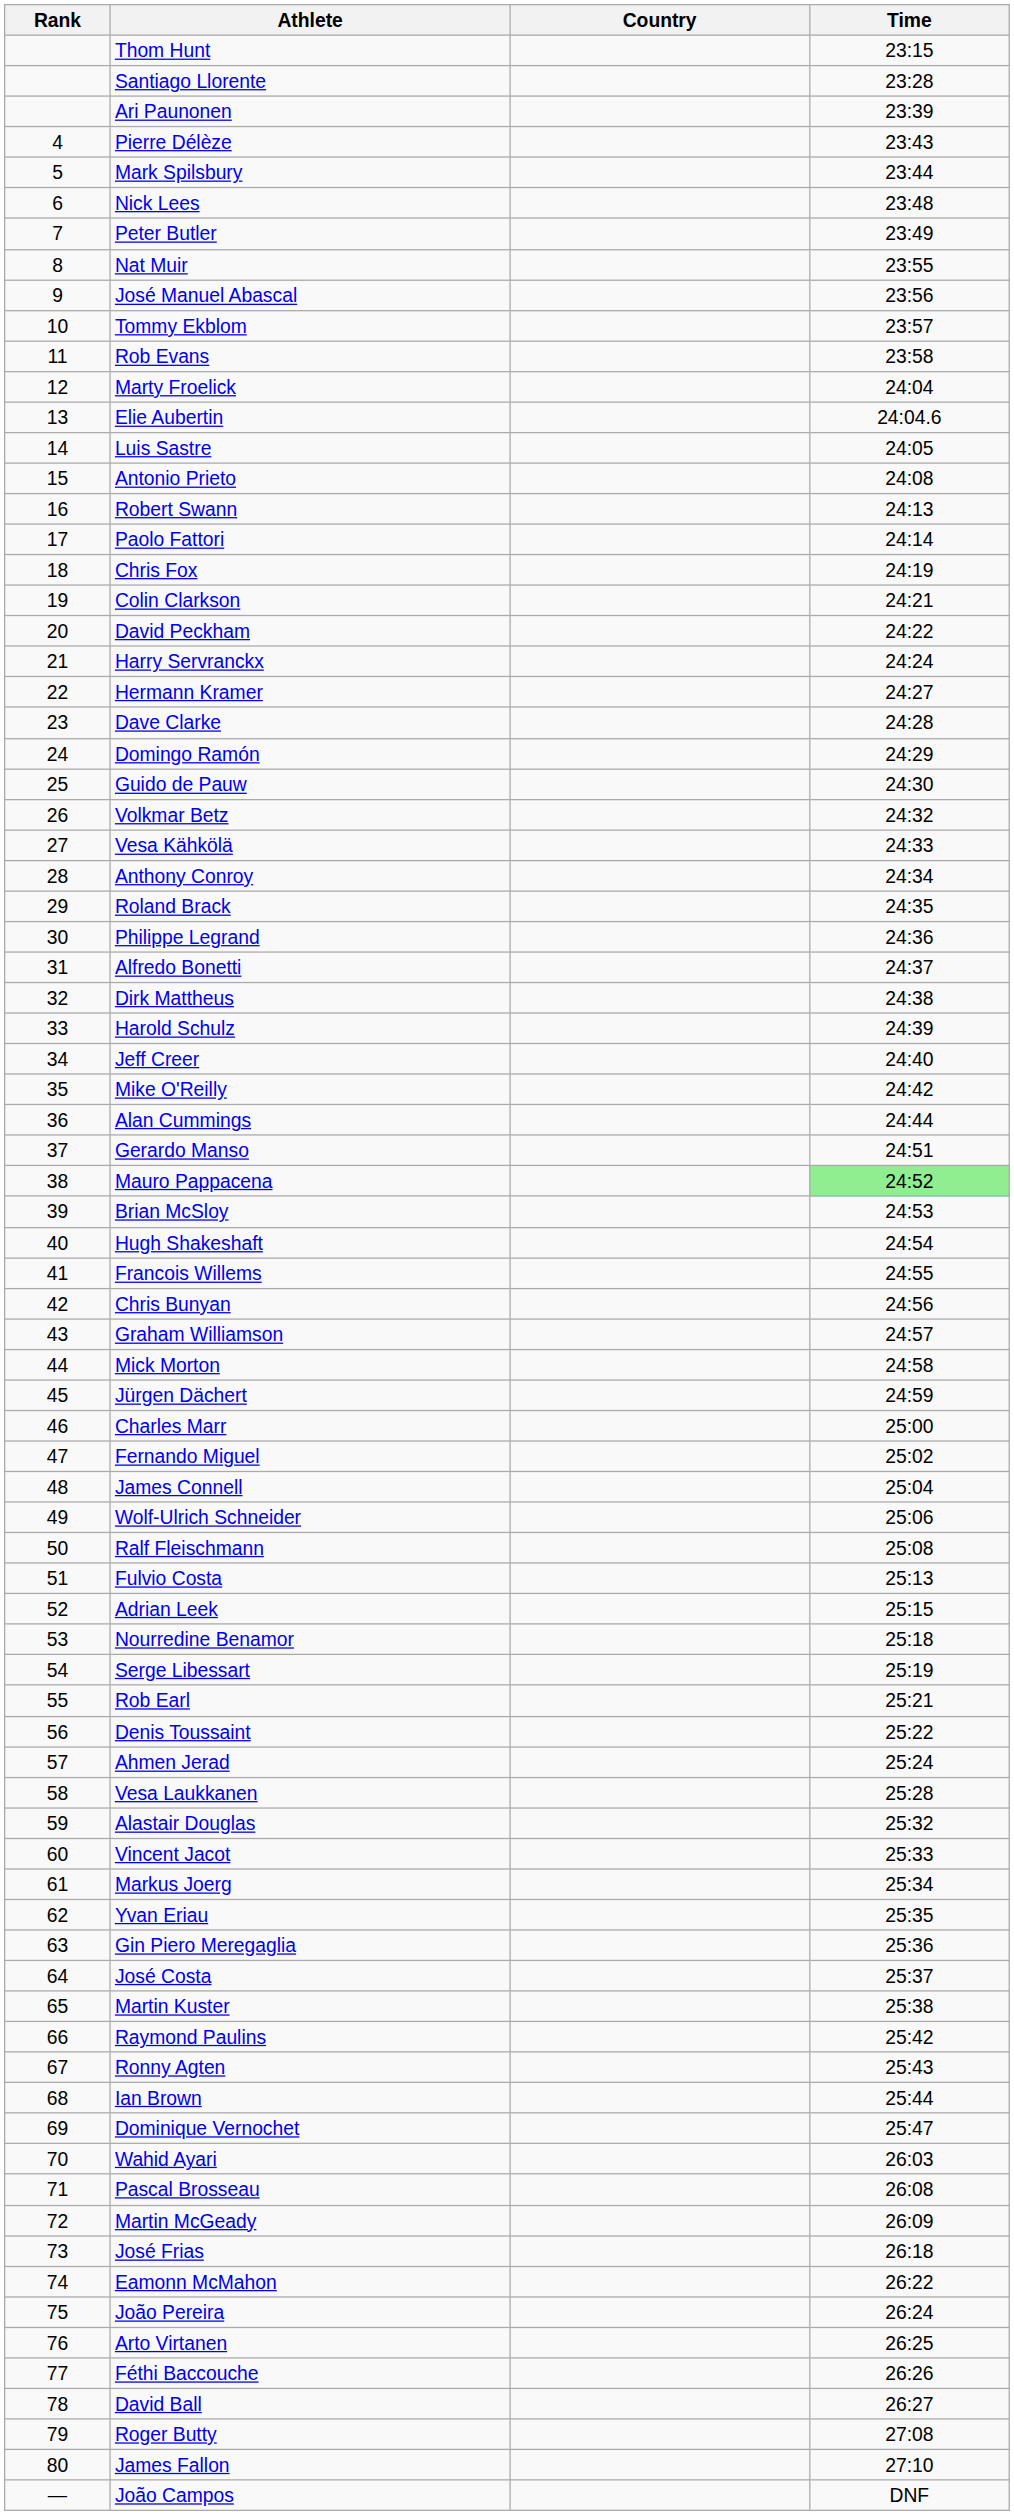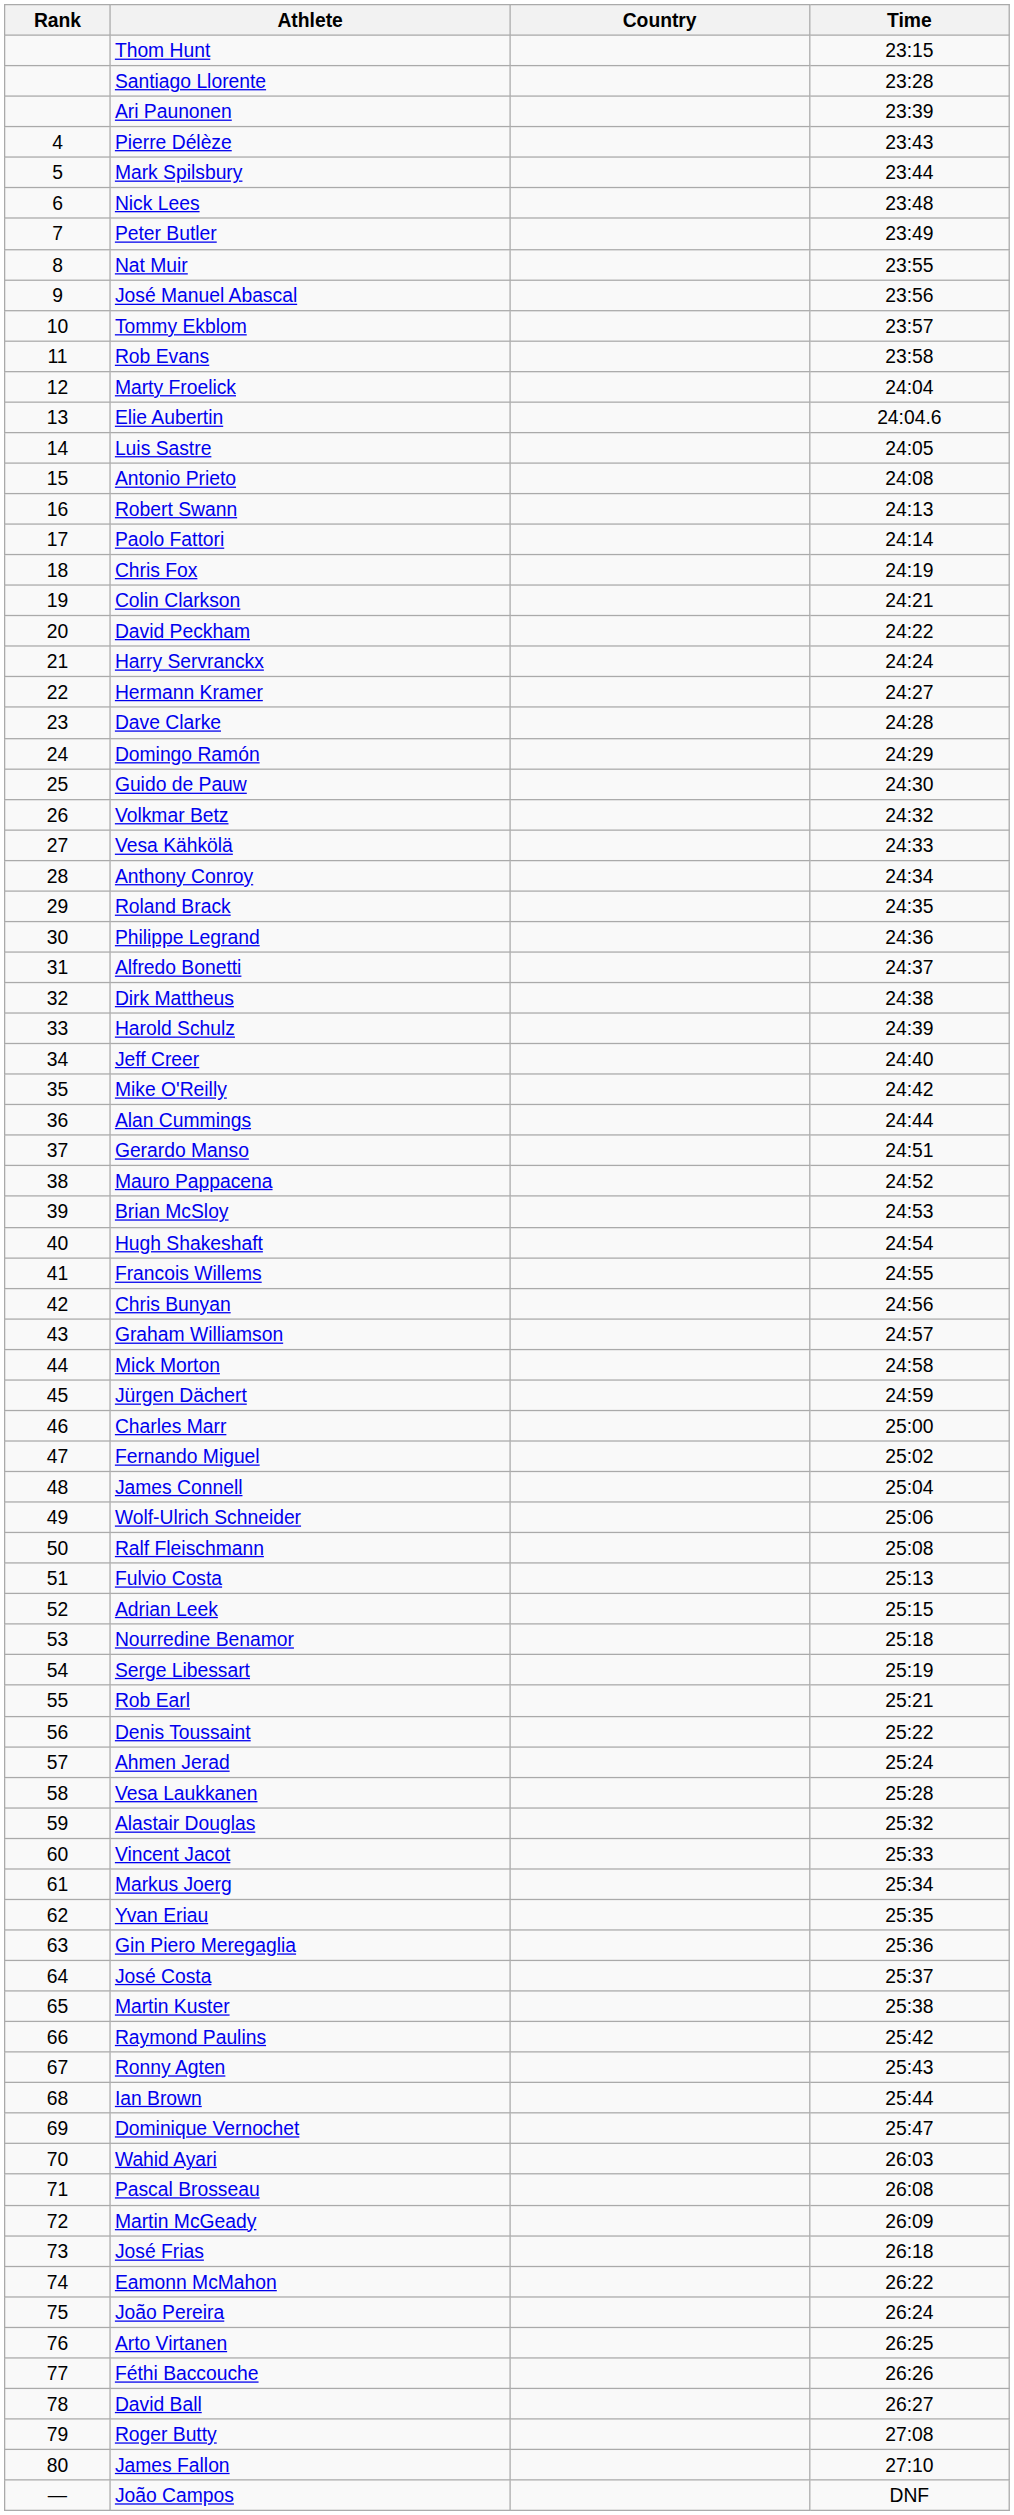 <table class="wikitable sortable" style=" text-align:center; font-size:95%;" width="50%">
 <tr>
 <th width=5%>Rank</th>
 <th width=20%>Athlete</th>
 <th width=15%>Country</th>
 <th width=10%>Time</th>
 </tr>
 <tr>
 <td align=center></td>
 <td align=left><a href='#'>Thom Hunt</a></td>
 <td align=left></td>
 <td>23:15</td>
 </tr>
 <tr>
 <td align=center></td>
 <td align=left><a href='#'>Santiago Llorente</a></td>
 <td align=left></td>
 <td>23:28</td>
 </tr>
 <tr>
 <td align=center></td>
 <td align=left><a href='#'>Ari Paunonen</a></td>
 <td align=left></td>
 <td>23:39</td>
 </tr>
 <tr>
 <td align=center>4</td>
 <td align=left><a href='#'>Pierre Délèze</a></td>
 <td align=left></td>
 <td>23:43</td>
 </tr>
 <tr>
 <td align=center>5</td>
 <td align=left><a href='#'>Mark Spilsbury</a></td>
 <td align=left></td>
 <td>23:44</td>
 </tr>
 <tr>
 <td align=center>6</td>
 <td align=left><a href='#'>Nick Lees</a></td>
 <td align=left></td>
 <td>23:48</td>
 </tr>
 <tr>
 <td align=center>7</td>
 <td align=left><a href='#'>Peter Butler</a></td>
 <td align=left></td>
 <td>23:49</td>
 </tr>
 <tr>
 <td align=center>8</td>
 <td align=left><a href='#'>Nat Muir</a></td>
 <td align=left></td>
 <td>23:55</td>
 </tr>
 <tr>
 <td align=center>9</td>
 <td align=left><a href='#'>José Manuel Abascal</a></td>
 <td align=left></td>
 <td>23:56</td>
 </tr>
 <tr>
 <td align=center>10</td>
 <td align=left><a href='#'>Tommy Ekblom</a></td>
 <td align=left></td>
 <td>23:57</td>
 </tr>
 <tr>
 <td align=center>11</td>
 <td align=left><a href='#'>Rob Evans</a></td>
 <td align=left></td>
 <td>23:58</td>
 </tr>
 <tr>
 <td align=center>12</td>
 <td align=left><a href='#'>Marty Froelick</a></td>
 <td align=left></td>
 <td>24:04</td>
 </tr>
 <tr>
 <td align=center>13</td>
 <td align=left><a href='#'>Elie Aubertin</a></td>
 <td align=left></td>
 <td>24:04.6</td>
 </tr>
 <tr>
 <td align=center>14</td>
 <td align=left><a href='#'>Luis Sastre</a></td>
 <td align=left></td>
 <td>24:05</td>
 </tr>
 <tr>
 <td align=center>15</td>
 <td align=left><a href='#'>Antonio Prieto</a></td>
 <td align=left></td>
 <td>24:08</td>
 </tr>
 <tr>
 <td align=center>16</td>
 <td align=left><a href='#'>Robert Swann</a></td>
 <td align=left></td>
 <td>24:13</td>
 </tr>
 <tr>
 <td align=center>17</td>
 <td align=left><a href='#'>Paolo Fattori</a></td>
 <td align=left></td>
 <td>24:14</td>
 </tr>
 <tr>
 <td align=center>18</td>
 <td align=left><a href='#'>Chris Fox</a></td>
 <td align=left></td>
 <td>24:19</td>
 </tr>
 <tr>
 <td align=center>19</td>
 <td align=left><a href='#'>Colin Clarkson</a></td>
 <td align=left></td>
 <td>24:21</td>
 </tr>
 <tr>
 <td align=center>20</td>
 <td align=left><a href='#'>David Peckham</a></td>
 <td align=left></td>
 <td>24:22</td>
 </tr>
 <tr>
 <td align=center>21</td>
 <td align=left><a href='#'>Harry Servranckx</a></td>
 <td align=left></td>
 <td>24:24</td>
 </tr>
 <tr>
 <td align=center>22</td>
 <td align=left><a href='#'>Hermann Kramer</a></td>
 <td align=left></td>
 <td>24:27</td>
 </tr>
 <tr>
 <td align=center>23</td>
 <td align=left><a href='#'>Dave Clarke</a></td>
 <td align=left></td>
 <td>24:28</td>
 </tr>
 <tr>
 <td align=center>24</td>
 <td align=left><a href='#'>Domingo Ramón</a></td>
 <td align=left></td>
 <td>24:29</td>
 </tr>
 <tr>
 <td align=center>25</td>
 <td align=left><a href='#'>Guido de Pauw</a></td>
 <td align=left></td>
 <td>24:30</td>
 </tr>
 <tr>
 <td align=center>26</td>
 <td align=left><a href='#'>Volkmar Betz</a></td>
 <td align=left></td>
 <td>24:32</td>
 </tr>
 <tr>
 <td align=center>27</td>
 <td align=left><a href='#'>Vesa Kähkölä</a></td>
 <td align=left></td>
 <td>24:33</td>
 </tr>
 <tr>
 <td align=center>28</td>
 <td align=left><a href='#'>Anthony Conroy</a></td>
 <td align=left></td>
 <td>24:34</td>
 </tr>
 <tr>
 <td align=center>29</td>
 <td align=left><a href='#'>Roland Brack</a></td>
 <td align=left></td>
 <td>24:35</td>
 </tr>
 <tr>
 <td align=center>30</td>
 <td align=left><a href='#'>Philippe Legrand</a></td>
 <td align=left></td>
 <td>24:36</td>
 </tr>
 <tr>
 <td align=center>31</td>
 <td align=left><a href='#'>Alfredo Bonetti</a></td>
 <td align=left></td>
 <td>24:37</td>
 </tr>
 <tr>
 <td align=center>32</td>
 <td align=left><a href='#'>Dirk Mattheus</a></td>
 <td align=left></td>
 <td>24:38</td>
 </tr>
 <tr>
 <td align=center>33</td>
 <td align=left><a href='#'>Harold Schulz</a></td>
 <td align=left></td>
 <td>24:39</td>
 </tr>
 <tr>
 <td align=center>34</td>
 <td align=left><a href='#'>Jeff Creer</a></td>
 <td align=left></td>
 <td>24:40</td>
 </tr>
 <tr>
 <td align=center>35</td>
 <td align=left><a href='#'>Mike O'Reilly</a></td>
 <td align=left></td>
 <td>24:42</td>
 </tr>
 <tr>
 <td align=center>36</td>
 <td align=left><a href='#'>Alan Cummings</a></td>
 <td align=left></td>
 <td>24:44</td>
 </tr>
 <tr>
 <td align=center>37</td>
 <td align=left><a href='#'>Gerardo Manso</a></td>
 <td align=left></td>
 <td>24:51</td>
 </tr>
 <tr>
 <td align=center>38</td>
 <td align=left><a href='#'>Mauro Pappacena</a></td>
 <td align=left></td>
-<td style="background: lightgreen;">24:52</td>
+<td>24:52</td>
 </tr>
 <tr>
 <td align=center>39</td>
 <td align=left><a href='#'>Brian McSloy</a></td>
 <td align=left></td>
 <td>24:53</td>
 </tr>
 <tr>
 <td align=center>40</td>
 <td align=left><a href='#'>Hugh Shakeshaft</a></td>
 <td align=left></td>
 <td>24:54</td>
 </tr>
 <tr>
 <td align=center>41</td>
 <td align=left><a href='#'>Francois Willems</a></td>
 <td align=left></td>
 <td>24:55</td>
 </tr>
 <tr>
 <td align=center>42</td>
 <td align=left><a href='#'>Chris Bunyan</a></td>
 <td align=left></td>
 <td>24:56</td>
 </tr>
 <tr>
 <td align=center>43</td>
 <td align=left><a href='#'>Graham Williamson</a></td>
 <td align=left></td>
 <td>24:57</td>
 </tr>
 <tr>
 <td align=center>44</td>
 <td align=left><a href='#'>Mick Morton</a></td>
 <td align=left></td>
 <td>24:58</td>
 </tr>
 <tr>
 <td align=center>45</td>
 <td align=left><a href='#'>Jürgen Dächert</a></td>
 <td align=left></td>
 <td>24:59</td>
 </tr>
 <tr>
 <td align=center>46</td>
 <td align=left><a href='#'>Charles Marr</a></td>
 <td align=left></td>
 <td>25:00</td>
 </tr>
 <tr>
 <td align=center>47</td>
 <td align=left><a href='#'>Fernando Miguel</a></td>
 <td align=left></td>
 <td>25:02</td>
 </tr>
 <tr>
 <td align=center>48</td>
 <td align=left><a href='#'>James Connell</a></td>
 <td align=left></td>
 <td>25:04</td>
 </tr>
 <tr>
 <td align=center>49</td>
 <td align=left><a href='#'>Wolf-Ulrich Schneider</a></td>
 <td align=left></td>
 <td>25:06</td>
 </tr>
 <tr>
 <td align=center>50</td>
 <td align=left><a href='#'>Ralf Fleischmann</a></td>
 <td align=left></td>
 <td>25:08</td>
 </tr>
 <tr>
 <td align=center>51</td>
 <td align=left><a href='#'>Fulvio Costa</a></td>
 <td align=left></td>
 <td>25:13</td>
 </tr>
 <tr>
 <td align=center>52</td>
 <td align=left><a href='#'>Adrian Leek</a></td>
 <td align=left></td>
 <td>25:15</td>
 </tr>
 <tr>
 <td align=center>53</td>
 <td align=left><a href='#'>Nourredine Benamor</a></td>
 <td align=left></td>
 <td>25:18</td>
 </tr>
 <tr>
 <td align=center>54</td>
 <td align=left><a href='#'>Serge Libessart</a></td>
 <td align=left></td>
 <td>25:19</td>
 </tr>
 <tr>
 <td align=center>55</td>
 <td align=left><a href='#'>Rob Earl</a></td>
 <td align=left></td>
 <td>25:21</td>
 </tr>
 <tr>
 <td align=center>56</td>
 <td align=left><a href='#'>Denis Toussaint</a></td>
 <td align=left></td>
 <td>25:22</td>
 </tr>
 <tr>
 <td align=center>57</td>
 <td align=left><a href='#'>Ahmen Jerad</a></td>
 <td align=left></td>
 <td>25:24</td>
 </tr>
 <tr>
 <td align=center>58</td>
 <td align=left><a href='#'>Vesa Laukkanen</a></td>
 <td align=left></td>
 <td>25:28</td>
 </tr>
 <tr>
 <td align=center>59</td>
 <td align=left><a href='#'>Alastair Douglas</a></td>
 <td align=left></td>
 <td>25:32</td>
 </tr>
 <tr>
 <td align=center>60</td>
 <td align=left><a href='#'>Vincent Jacot</a></td>
 <td align=left></td>
 <td>25:33</td>
 </tr>
 <tr>
 <td align=center>61</td>
 <td align=left><a href='#'>Markus Joerg</a></td>
 <td align=left></td>
 <td>25:34</td>
 </tr>
 <tr>
 <td align=center>62</td>
 <td align=left><a href='#'>Yvan Eriau</a></td>
 <td align=left></td>
 <td>25:35</td>
 </tr>
 <tr>
 <td align=center>63</td>
 <td align=left><a href='#'>Gin Piero Meregaglia</a></td>
 <td align=left></td>
 <td>25:36</td>
 </tr>
 <tr>
 <td align=center>64</td>
 <td align=left><a href='#'>José Costa</a></td>
 <td align=left></td>
 <td>25:37</td>
 </tr>
 <tr>
 <td align=center>65</td>
 <td align=left><a href='#'>Martin Kuster</a></td>
 <td align=left></td>
 <td>25:38</td>
 </tr>
 <tr>
 <td align=center>66</td>
 <td align=left><a href='#'>Raymond Paulins</a></td>
 <td align=left></td>
 <td>25:42</td>
 </tr>
 <tr>
 <td align=center>67</td>
 <td align=left><a href='#'>Ronny Agten</a></td>
 <td align=left></td>
 <td>25:43</td>
 </tr>
 <tr>
 <td align=center>68</td>
 <td align=left><a href='#'>Ian Brown</a></td>
 <td align=left></td>
 <td>25:44</td>
 </tr>
 <tr>
 <td align=center>69</td>
 <td align=left><a href='#'>Dominique Vernochet</a></td>
 <td align=left></td>
 <td>25:47</td>
 </tr>
 <tr>
 <td align=center>70</td>
 <td align=left><a href='#'>Wahid Ayari</a></td>
 <td align=left></td>
 <td>26:03</td>
 </tr>
 <tr>
 <td align=center>71</td>
 <td align=left><a href='#'>Pascal Brosseau</a></td>
 <td align=left></td>
 <td>26:08</td>
 </tr>
 <tr>
 <td align=center>72</td>
 <td align=left><a href='#'>Martin McGeady</a></td>
 <td align=left></td>
 <td>26:09</td>
 </tr>
 <tr>
 <td align=center>73</td>
 <td align=left><a href='#'>José Frias</a></td>
 <td align=left></td>
 <td>26:18</td>
 </tr>
 <tr>
 <td align=center>74</td>
 <td align=left><a href='#'>Eamonn McMahon</a></td>
 <td align=left></td>
 <td>26:22</td>
 </tr>
 <tr>
 <td align=center>75</td>
 <td align=left><a href='#'>João Pereira</a></td>
 <td align=left></td>
 <td>26:24</td>
 </tr>
 <tr>
 <td align=center>76</td>
 <td align=left><a href='#'>Arto Virtanen</a></td>
 <td align=left></td>
 <td>26:25</td>
 </tr>
 <tr>
 <td align=center>77</td>
 <td align=left><a href='#'>Féthi Baccouche</a></td>
 <td align=left></td>
 <td>26:26</td>
 </tr>
 <tr>
 <td align=center>78</td>
 <td align=left><a href='#'>David Ball</a></td>
 <td align=left></td>
 <td>26:27</td>
 </tr>
 <tr>
 <td align=center>79</td>
 <td align=left><a href='#'>Roger Butty</a></td>
 <td align=left></td>
 <td>27:08</td>
 </tr>
 <tr>
 <td align=center>80</td>
 <td align=left><a href='#'>James Fallon</a></td>
 <td align=left></td>
 <td>27:10</td>
 </tr>
 <tr>
 <td align=center>—</td>
 <td align=left><a href='#'>João Campos</a></td>
 <td align=left></td>
 <td>DNF</td>
 </tr>
 </table>
